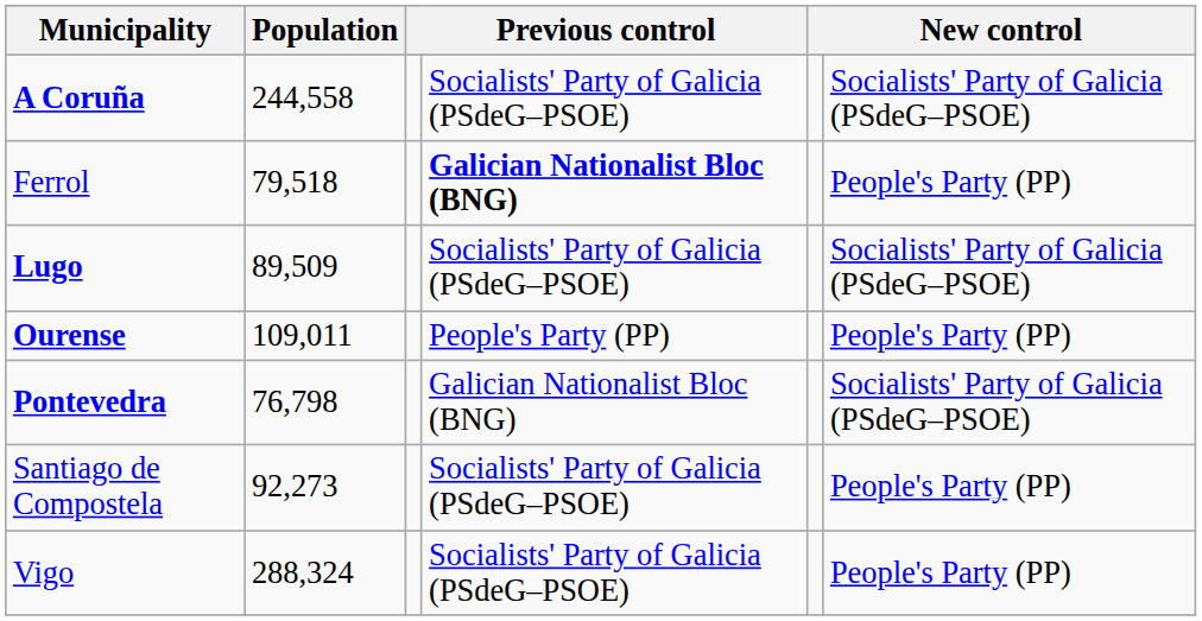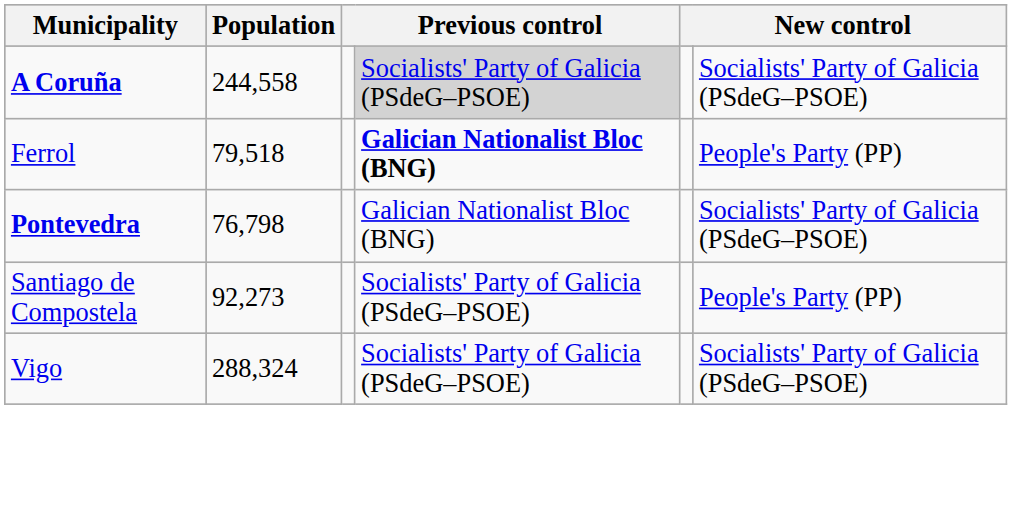 <table class="wikitable sortable">
 <tr>
 <th>Municipality</th>
 <th>Population</th>
 <th colspan="2" style="width:375px;">Previous control</th>
 <th colspan="2" style="width:375px;">New control</th>
 </tr>
 <tr>
 <td><strong><a href='#'>A Coruña</a></strong></td>
 <td>244,558</td>
 <td width="1" style="color:inherit;background:"></td>
-<td><a href='#'>Socialists' Party of Galicia</a> (PSdeG–PSOE)</td>
+<td style="background: lightgrey;"><a href='#'>Socialists' Party of Galicia</a> (PSdeG–PSOE)</td>
 <td width="1" style="color:inherit;background:"></td>
 <td><a href='#'>Socialists' Party of Galicia</a> (PSdeG–PSOE)</td>
 </tr>
 <tr>
 <td><a href='#'>Ferrol</a></td>
 <td>79,518</td>
 <td style="color:inherit;background:"></td>
 <td><strong><a href='#'>Galician Nationalist Bloc</a> (BNG)</strong></td>
-<td style="color:inherit;background:"></td>
-<td><a href='#'>People's Party</a> (PP)</td>
-</tr>
-<tr>
-<td><strong><a href='#'>Lugo</a></strong></td>
-<td>89,509</td>
-<td style="color:inherit;background:"></td>
-<td><a href='#'>Socialists' Party of Galicia</a> (PSdeG–PSOE)</td>
-<td style="color:inherit;background:"></td>
-<td><a href='#'>Socialists' Party of Galicia</a> (PSdeG–PSOE)</td>
-</tr>
-<tr>
-<td><strong><a href='#'>Ourense</a></strong></td>
-<td>109,011</td>
-<td style="color:inherit;background:"></td>
-<td><a href='#'>People's Party</a> (PP)</td>
 <td style="color:inherit;background:"></td>
 <td><a href='#'>People's Party</a> (PP)</td>
 </tr>
 <tr>
 <td><strong><a href='#'>Pontevedra</a></strong></td>
 <td>76,798</td>
 <td style="color:inherit;background:"></td>
 <td><a href='#'>Galician Nationalist Bloc</a> (BNG)</td>
 <td style="color:inherit;background:"></td>
 <td><a href='#'>Socialists' Party of Galicia</a> (PSdeG–PSOE)</td>
 </tr>
 <tr>
 <td><a href='#'>Santiago de Compostela</a></td>
 <td>92,273</td>
 <td style="color:inherit;background:"></td>
 <td><a href='#'>Socialists' Party of Galicia</a> (PSdeG–PSOE)</td>
 <td style="color:inherit;background:"></td>
 <td><a href='#'>People's Party</a> (PP)</td>
 </tr>
 <tr>
 <td><a href='#'>Vigo</a></td>
 <td>288,324</td>
 <td style="color:inherit;background:"></td>
 <td><a href='#'>Socialists' Party of Galicia</a> (PSdeG–PSOE)</td>
 <td style="color:inherit;background:"></td>
-<td><a href='#'>People's Party</a> (PP)</td>
+<td><a href='#'>Socialists' Party of Galicia</a> (PSdeG–PSOE) </td>
 </tr>
 </table>
